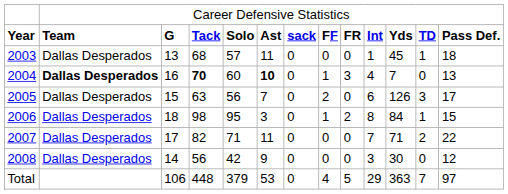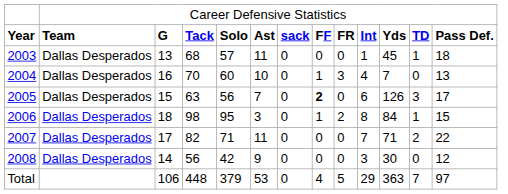 <table class="wikitable" border=0 style="background: #FFFFFF;">
 <tr>
 <td colspan=1></td>
 <td colspan=15 align="center">Career Defensive Statistics</td>
 </tr>
 <tr>
 <td><strong>Year</strong></td>
 <td><strong>Team</strong></td>
 <td><strong>G</strong></td>
 <td><strong><a href='#'>Tack</a></strong></td>
 <td><strong>Solo</strong></td>
 <td><strong>Ast</strong></td>
 <td><strong><a href='#'>sack</a></strong></td>
 <td><strong>F<a href='#'>F</a></strong></td>
 <td><strong>FR</strong></td>
 <td><strong><a href='#'>Int</a></strong></td>
 <td><strong>Yds</strong></td>
 <td><strong><a href='#'>TD</a></strong></td>
 <td><strong>Pass Def.</strong></td>
 </tr>
 <tr>
 <td><a href='#'>2003</a></td>
 <td>Dallas Desperados</td>
 <td>13</td>
 <td>68</td>
 <td>57</td>
 <td>11</td>
 <td>0</td>
 <td>0</td>
 <td>0</td>
 <td>1</td>
 <td>45</td>
 <td>1</td>
 <td>18</td>
 </tr>
 <tr>
 <td><a href='#'>2004</a></td>
-<td><strong>Dallas Desperados</strong></td>
+<td>Dallas Desperados</td>
 <td>16</td>
-<td><strong>70</strong></td>
+<td>70</td>
 <td>60</td>
-<td><strong>10</strong></td>
+<td>10</td>
 <td>0</td>
 <td>1</td>
 <td>3</td>
 <td>4</td>
 <td>7</td>
 <td>0</td>
 <td>13</td>
 </tr>
 <tr>
 <td><a href='#'>2005</a></td>
 <td>Dallas Desperados</td>
 <td>15</td>
 <td>63</td>
 <td>56</td>
 <td>7</td>
 <td>0</td>
-<td>2</td>
+<td><strong>2</strong></td>
 <td>0</td>
 <td>6</td>
 <td>126</td>
 <td>3</td>
 <td>17</td>
 </tr>
 <tr>
 <td><a href='#'>2006</a></td>
 <td><a href='#'>Dallas Desperados</a></td>
 <td>18</td>
 <td>98</td>
 <td>95</td>
 <td>3</td>
 <td>0</td>
 <td>1</td>
 <td>2</td>
 <td>8</td>
 <td>84</td>
 <td>1</td>
 <td>15</td>
 </tr>
 <tr>
 <td><a href='#'>2007</a></td>
 <td><a href='#'>Dallas Desperados</a></td>
 <td>17</td>
 <td>82</td>
 <td>71</td>
 <td>11</td>
 <td>0</td>
 <td>0</td>
 <td>0</td>
 <td>7</td>
 <td>71</td>
 <td>2</td>
 <td>22</td>
 </tr>
 <tr>
 <td><a href='#'>2008</a></td>
 <td><a href='#'>Dallas Desperados</a></td>
 <td>14</td>
 <td>56</td>
 <td>42</td>
 <td>9</td>
 <td>0</td>
 <td>0</td>
 <td>0</td>
 <td>3</td>
 <td>30</td>
 <td>0</td>
 <td>12</td>
 </tr>
 <tr>
 <td>Total</td>
 <td></td>
 <td>106</td>
 <td>448</td>
 <td>379</td>
 <td>53</td>
 <td>0</td>
 <td>4</td>
 <td>5</td>
 <td>29</td>
 <td>363</td>
 <td>7</td>
 <td>97</td>
 </tr>
 </table>
